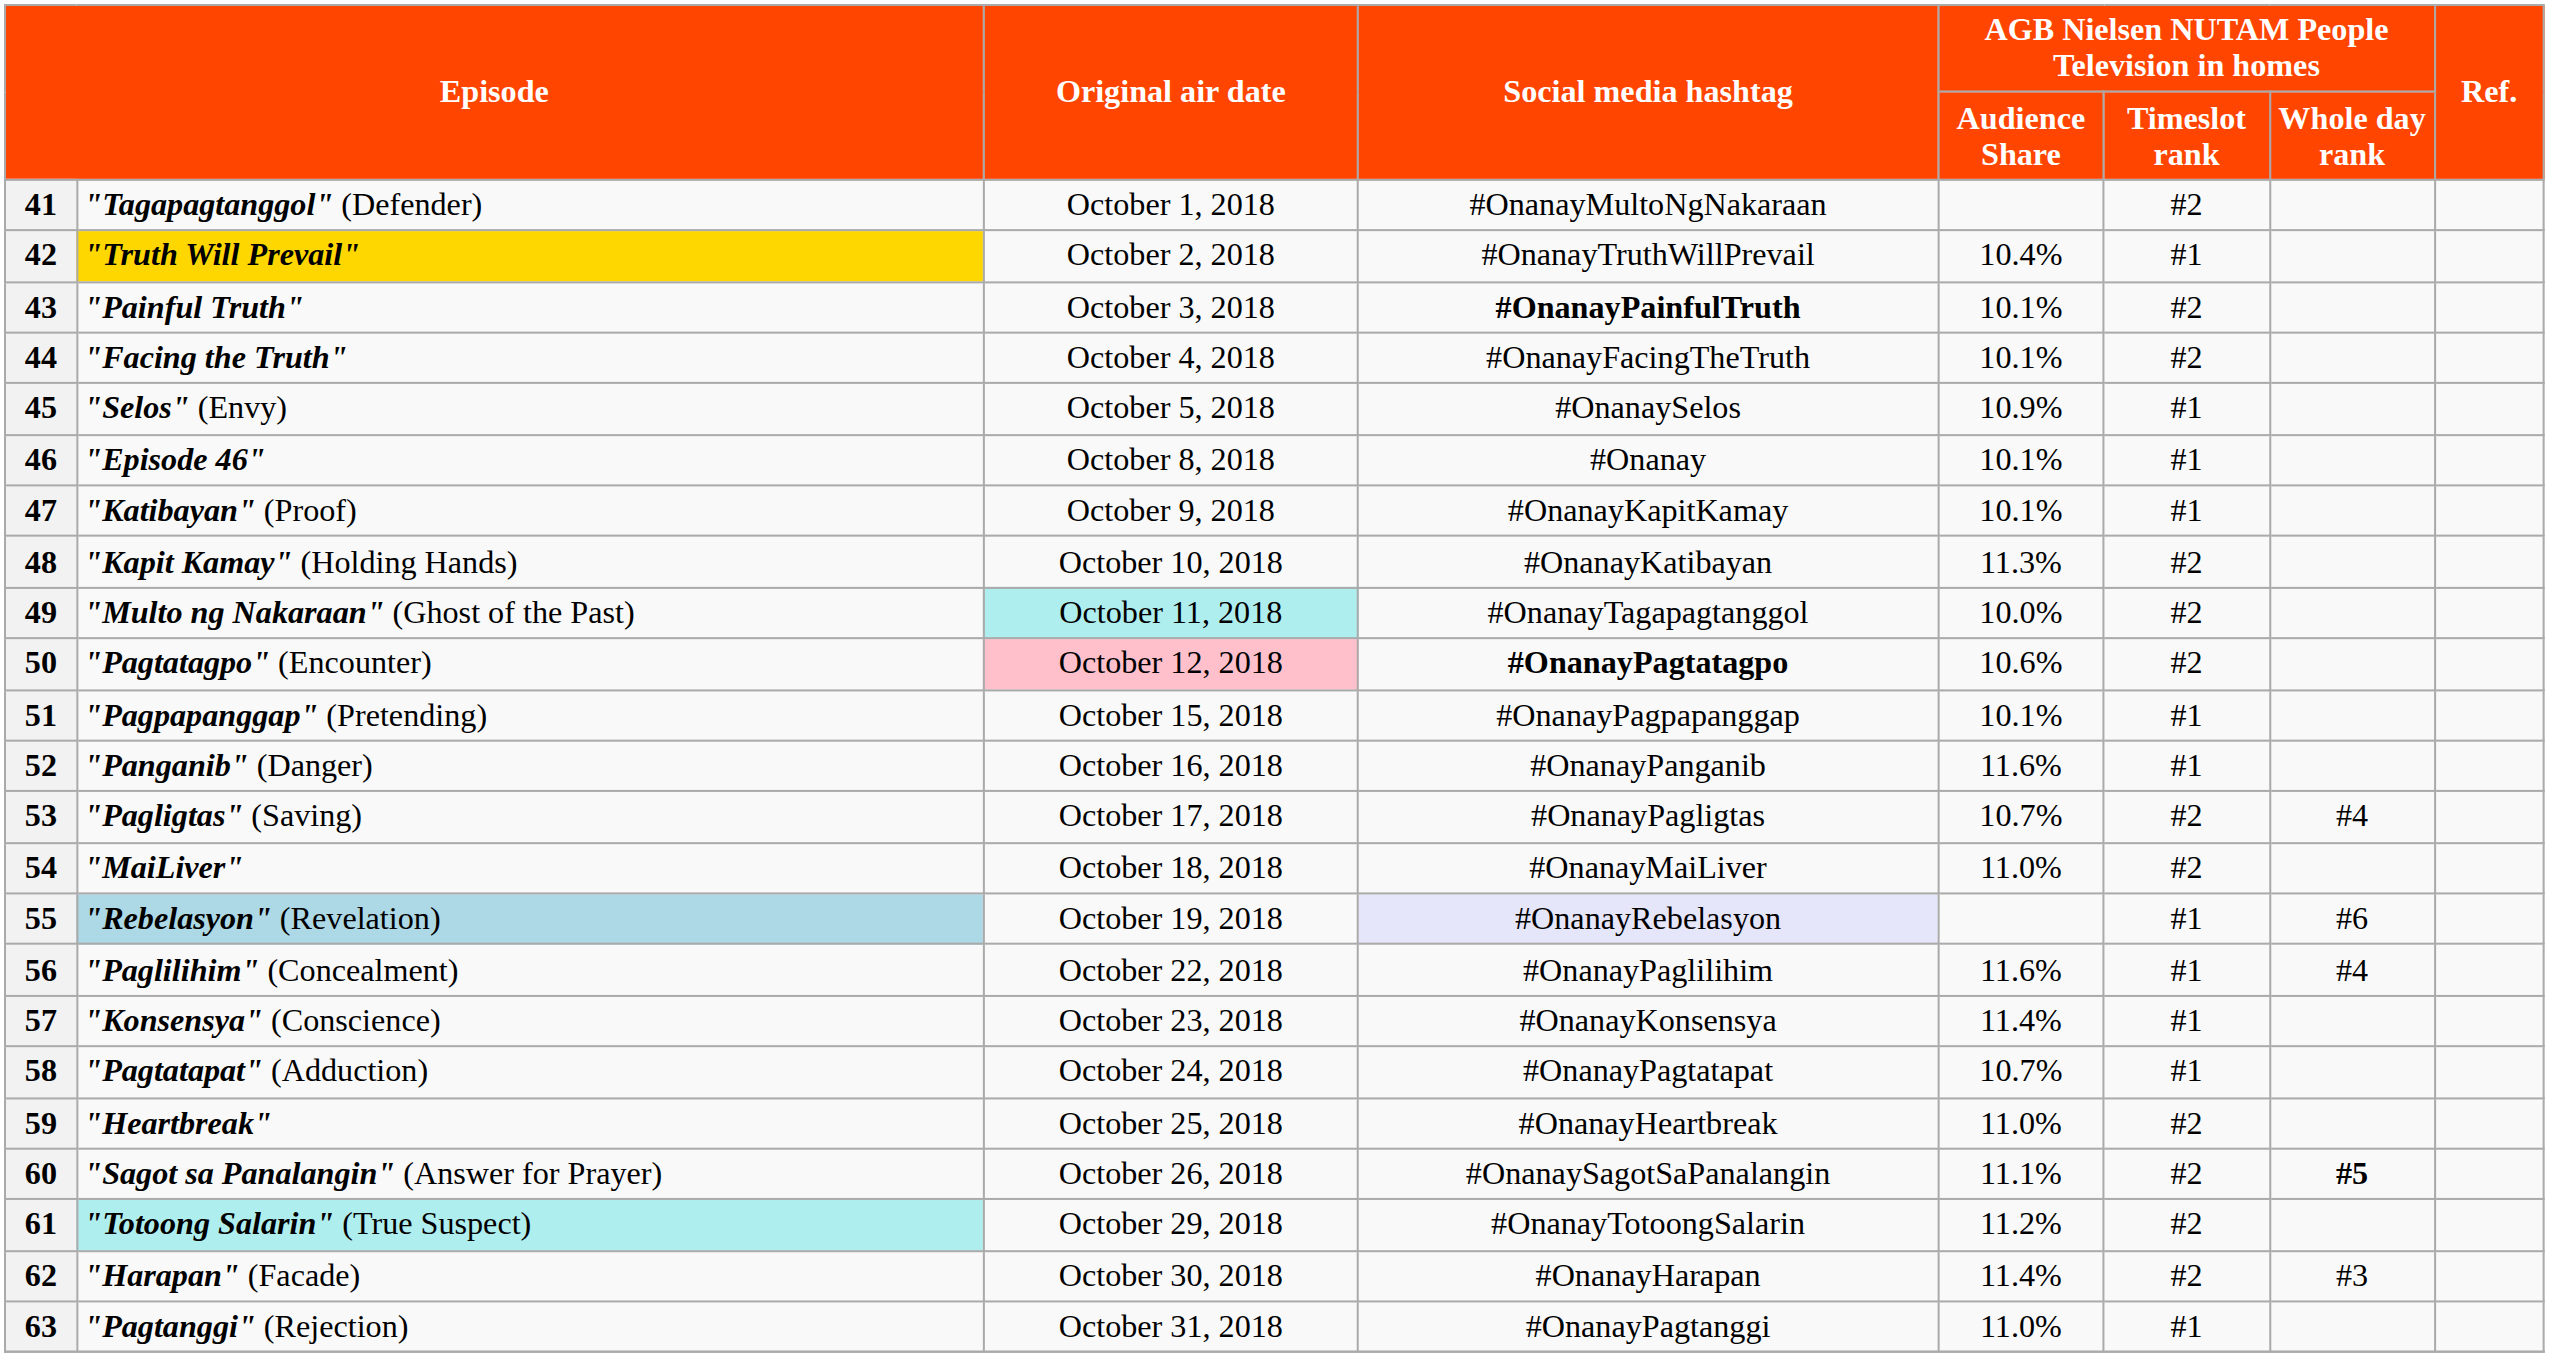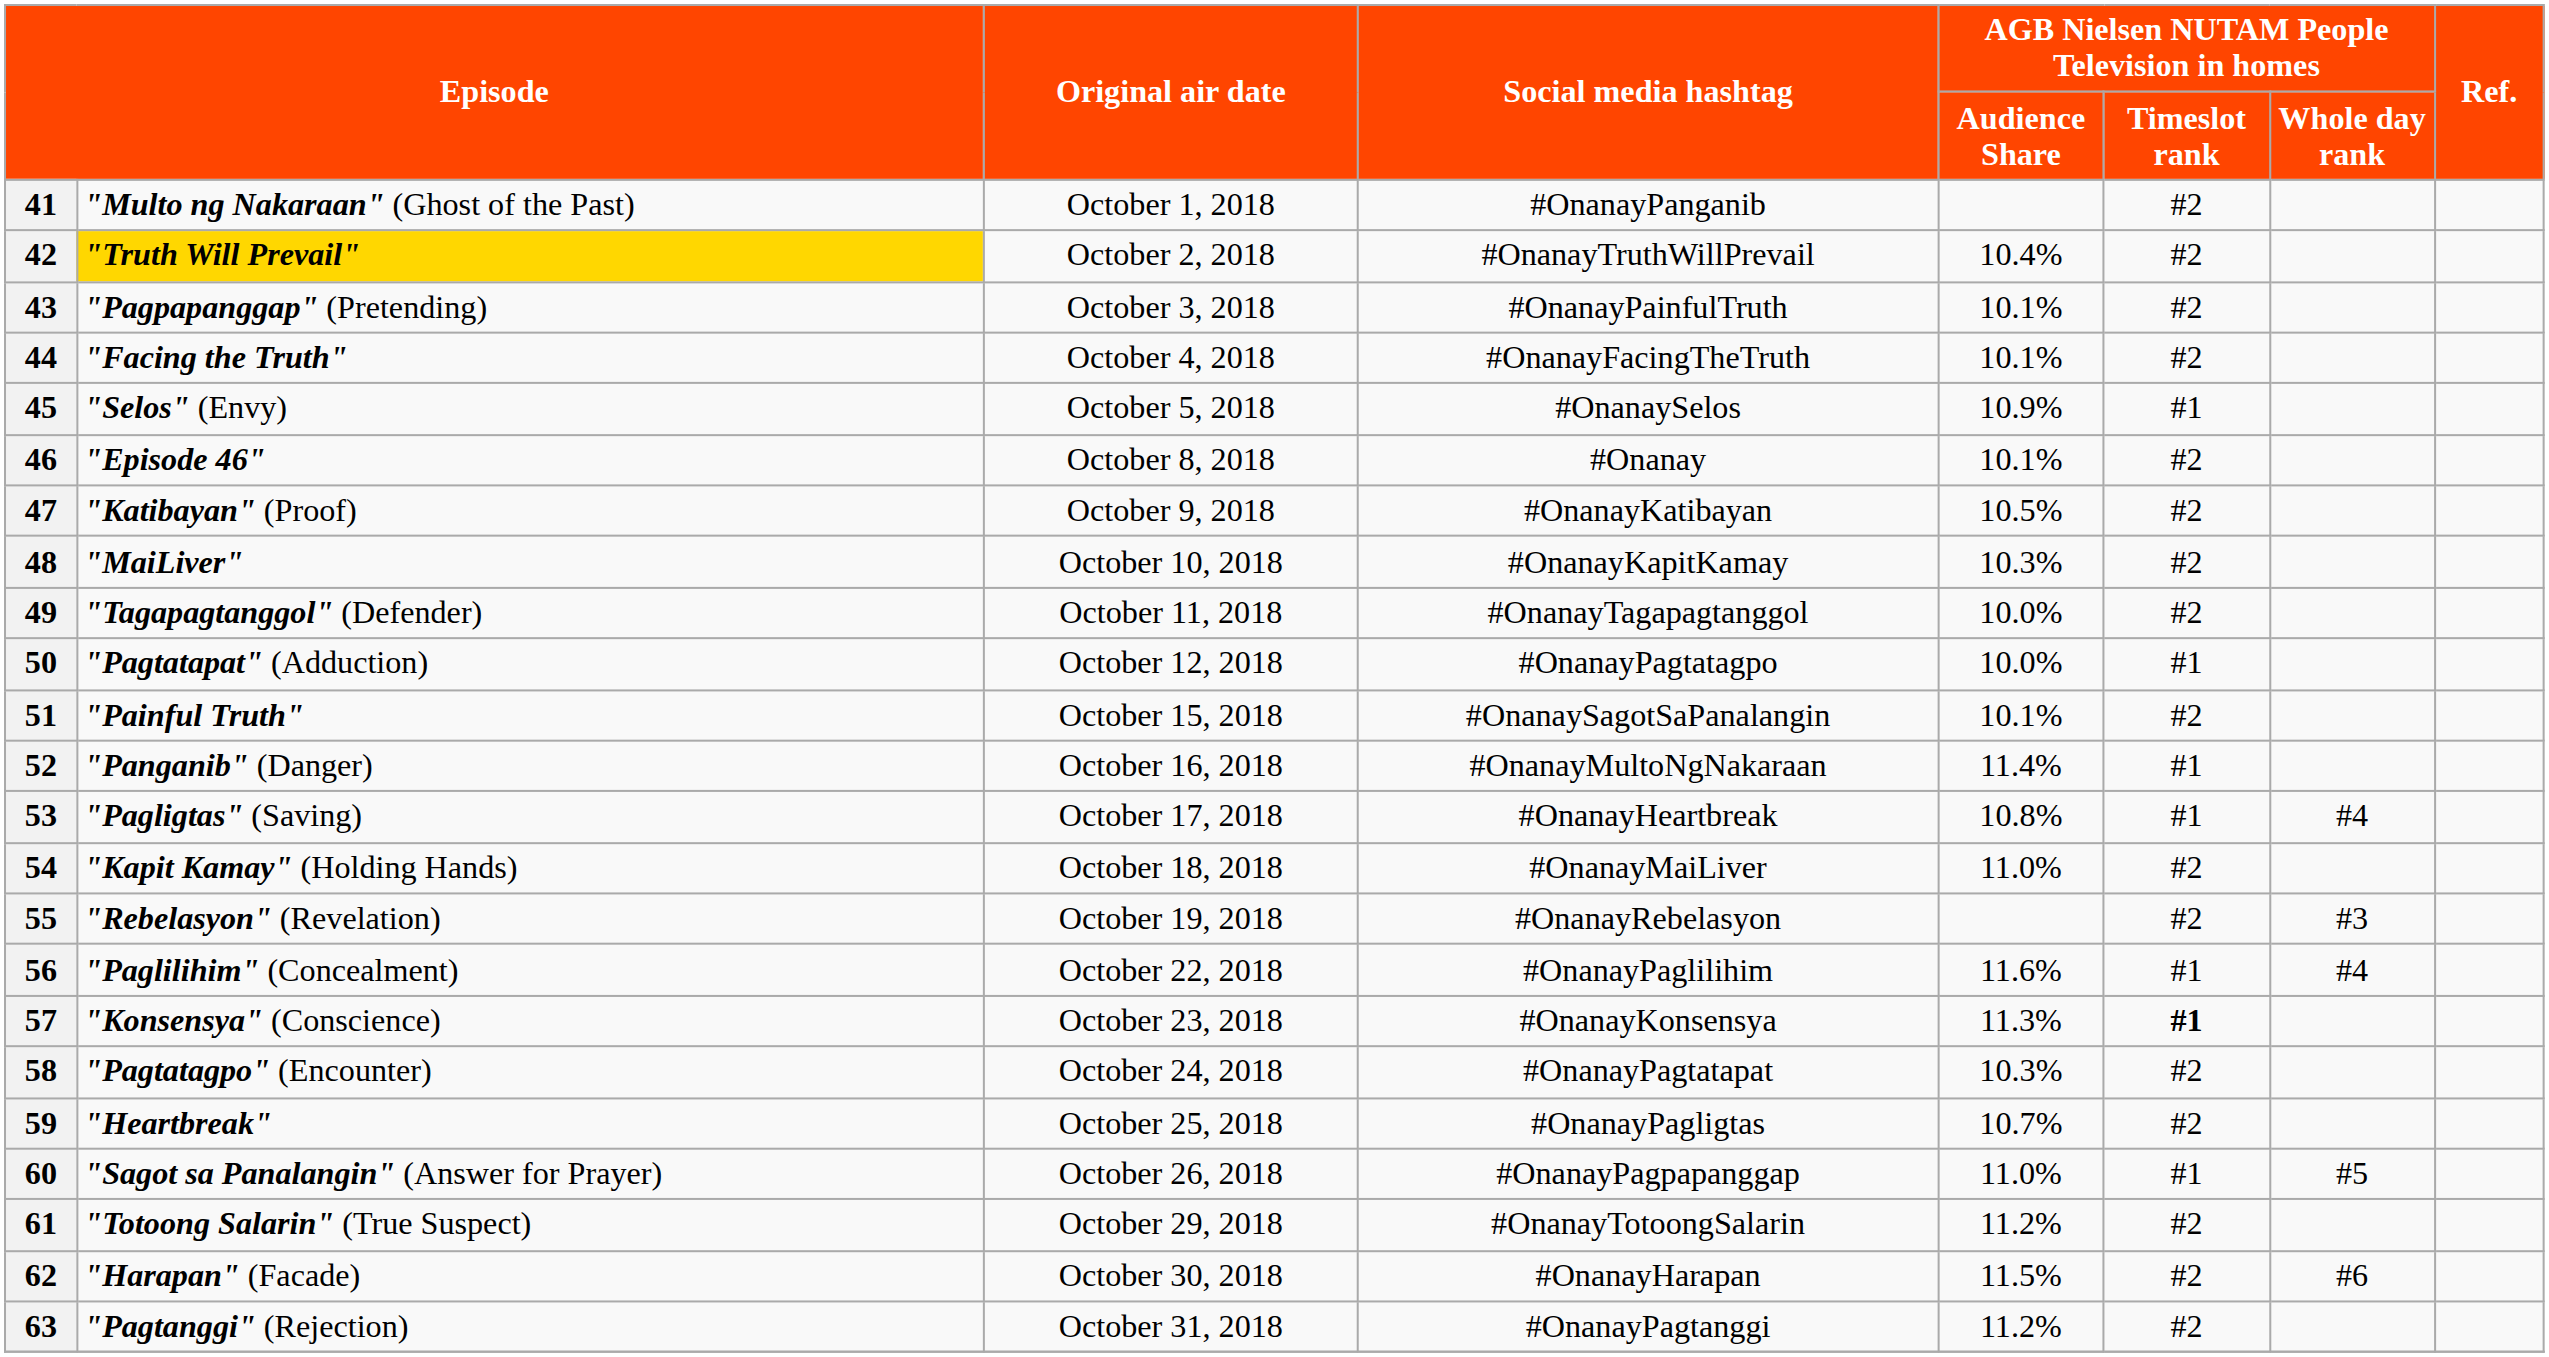 <table class="wikitable" style="text-align:center; font-size:100%; line-height:18px;" width="100%">
 <tr>
 <th style="background-color:#FF4500; color:#ffffff;" colspan="2" rowspan="2">Episode</th>
 <th style="background-color:#FF4500; color:white" rowspan="2">Original air date</th>
 <th style="background-color:#FF4500; color:white" rowspan="2">Social media hashtag</th>
 <th style="background-color:#FF4500; color:#ffffff;" colspan="3">AGB Nielsen NUTAM People Television in homes</th>
 <th style="background-color:#FF4500; color:#ffffff;" rowspan="2">Ref.</th>
 </tr>
 <tr>
 <th style="background-color:#FF4500; width:75px; color:#ffffff;">Audience Share</th>
 <th style="background-color:#FF4500; width:75px; color:#ffffff;">Timeslot<br>rank</th>
 <th style="background-color:#FF4500; width:75px; color:#ffffff;">Whole day<br>rank</th>
 </tr>
 <tr>
 <th>41</th>
-<td style="text-align: left;"><strong><em>"Tagapagtanggol"</em></strong> (Defender)</td>
+<td style="text-align: left;"><strong><em>"Multo ng Nakaraan"</em></strong> (Ghost of the Past)</td>
 <td>October 1, 2018</td>
-<td>#OnanayMultoNgNakaraan</td>
+<td>#OnanayPanganib</td>
 <td></td>
 <td>#2</td>
 <td></td>
 <td></td>
 </tr>
 <tr>
 <th>42</th>
 <td style="background: gold; text-align: left;"><strong><em>"Truth Will Prevail"</em></strong></td>
 <td>October 2, 2018</td>
 <td>#OnanayTruthWillPrevail</td>
 <td>10.4%</td>
-<td>#1</td>
+<td>#2</td>
 <td></td>
 <td></td>
 </tr>
 <tr>
 <th>43</th>
-<td style="text-align: left;"><strong><em>"Painful Truth"</em></strong></td>
+<td style="text-align: left;"><strong><em>"Pagpapanggap"</em></strong> (Pretending)</td>
 <td>October 3, 2018</td>
-<td><strong>#OnanayPainfulTruth</strong></td>
+<td>#OnanayPainfulTruth</td>
 <td>10.1%</td>
 <td>#2</td>
 <td></td>
 <td></td>
 </tr>
 <tr>
 <th>44</th>
 <td style="text-align: left;"><strong><em>"Facing the Truth"</em></strong></td>
 <td>October 4, 2018</td>
 <td>#OnanayFacingTheTruth</td>
 <td>10.1%</td>
 <td>#2</td>
 <td></td>
 <td></td>
 </tr>
 <tr>
 <th>45</th>
 <td style="text-align: left;"><strong><em>"Selos"</em></strong> (Envy)</td>
 <td>October 5, 2018</td>
 <td>#OnanaySelos</td>
 <td>10.9%</td>
 <td>#1</td>
 <td></td>
 <td></td>
 </tr>
 <tr>
 <th>46</th>
 <td style="text-align: left;"><strong><em>"Episode 46"</em></strong></td>
 <td>October 8, 2018</td>
 <td>#Onanay</td>
 <td>10.1%</td>
-<td>#1</td>
+<td>#2</td>
 <td></td>
 <td></td>
 </tr>
 <tr>
 <th>47</th>
 <td style="text-align: left;"><strong><em>"Katibayan"</em></strong> (Proof)</td>
 <td>October 9, 2018</td>
-<td>#OnanayKapitKamay</td>
-<td>10.1%</td>
-<td>#1</td>
+<td>#OnanayKatibayan</td>
+<td>10.5%</td>
+<td>#2</td>
 <td></td>
 <td></td>
 </tr>
 <tr>
 <th>48</th>
-<td style="text-align: left;"><strong><em>"Kapit Kamay"</em></strong> (Holding Hands)</td>
+<td style="text-align: left;"><strong><em>"MaiLiver"</em></strong></td>
 <td>October 10, 2018</td>
-<td>#OnanayKatibayan</td>
-<td>11.3%</td>
+<td>#OnanayKapitKamay</td>
+<td>10.3%</td>
 <td>#2</td>
 <td></td>
 <td></td>
 </tr>
 <tr>
 <th>49</th>
-<td style="text-align: left;"><strong><em>"Multo ng Nakaraan"</em></strong> (Ghost of the Past)</td>
-<td style="background: paleturquoise;">October 11, 2018</td>
+<td style="text-align: left;"><strong><em>"Tagapagtanggol"</em></strong> (Defender)</td>
+<td>October 11, 2018</td>
 <td>#OnanayTagapagtanggol</td>
 <td>10.0%</td>
 <td>#2</td>
 <td></td>
 <td></td>
 </tr>
 <tr>
 <th>50</th>
-<td style="text-align: left;"><strong><em>"Pagtatagpo"</em></strong> (Encounter)</td>
-<td style="background: pink;">October 12, 2018</td>
-<td><strong>#OnanayPagtatagpo</strong></td>
-<td>10.6%</td>
-<td>#2</td>
+<td style="text-align: left;"><strong><em>"Pagtatapat"</em></strong> (Adduction)</td>
+<td>October 12, 2018</td>
+<td>#OnanayPagtatagpo</td>
+<td>10.0%</td>
+<td>#1</td>
 <td></td>
 <td></td>
 </tr>
 <tr>
 <th>51</th>
-<td style="text-align: left;"><strong><em>"Pagpapanggap"</em></strong> (Pretending)</td>
+<td style="text-align: left;"><strong><em>"Painful Truth"</em></strong></td>
 <td>October 15, 2018</td>
-<td>#OnanayPagpapanggap</td>
+<td>#OnanaySagotSaPanalangin</td>
 <td>10.1%</td>
-<td>#1</td>
+<td>#2</td>
 <td></td>
 <td></td>
 </tr>
 <tr>
 <th>52</th>
 <td style="text-align: left;"><strong><em>"Panganib"</em></strong> (Danger)</td>
 <td>October 16, 2018</td>
-<td>#OnanayPanganib</td>
-<td>11.6%</td>
+<td>#OnanayMultoNgNakaraan</td>
+<td>11.4%</td>
 <td>#1</td>
 <td></td>
 <td></td>
 </tr>
 <tr>
 <th>53</th>
 <td style="text-align: left;"><strong><em>"Pagligtas"</em></strong> (Saving)</td>
 <td>October 17, 2018</td>
-<td>#OnanayPagligtas</td>
-<td>10.7%</td>
-<td>#2</td>
+<td>#OnanayHeartbreak</td>
+<td>10.8%</td>
+<td>#1</td>
 <td>#4</td>
 <td></td>
 </tr>
 <tr>
 <th>54</th>
-<td style="text-align: left;"><strong><em>"MaiLiver"</em></strong></td>
+<td style="text-align: left;"><strong><em>"Kapit Kamay"</em></strong> (Holding Hands)</td>
 <td>October 18, 2018</td>
 <td>#OnanayMaiLiver</td>
 <td>11.0%</td>
 <td>#2</td>
 <td></td>
 <td></td>
 </tr>
 <tr>
 <th>55</th>
-<td style="background: lightblue; text-align: left;"><strong><em>"Rebelasyon"</em></strong> (Revelation)</td>
+<td style="text-align: left;"><strong><em>"Rebelasyon"</em></strong> (Revelation)</td>
 <td>October 19, 2018</td>
-<td style="background: lavender;">#OnanayRebelasyon</td>
+<td>#OnanayRebelasyon</td>
 <td></td>
-<td>#1</td>
-<td>#6</td>
+<td>#2</td>
+<td>#3</td>
 <td></td>
 </tr>
 <tr>
 <th>56</th>
 <td style="text-align: left;"><strong><em>"Paglilihim"</em></strong> (Concealment)</td>
 <td>October 22, 2018</td>
 <td>#OnanayPaglilihim</td>
 <td>11.6%</td>
 <td>#1</td>
 <td>#4</td>
 <td></td>
 </tr>
 <tr>
 <th>57</th>
 <td style="text-align: left;"><strong><em>"Konsensya"</em></strong> (Conscience)</td>
 <td>October 23, 2018</td>
 <td>#OnanayKonsensya</td>
-<td>11.4%</td>
-<td>#1</td>
+<td>11.3%</td>
+<td><strong>#1</strong></td>
 <td></td>
 <td></td>
 </tr>
 <tr>
 <th>58</th>
-<td style="text-align: left;"><strong><em>"Pagtatapat"</em></strong> (Adduction)</td>
+<td style="text-align: left;"><strong><em>"Pagtatagpo"</em></strong> (Encounter)</td>
 <td>October 24, 2018</td>
 <td>#OnanayPagtatapat</td>
-<td>10.7%</td>
-<td>#1</td>
+<td>10.3%</td>
+<td>#2</td>
 <td></td>
 <td></td>
 </tr>
 <tr>
 <th>59</th>
 <td style="text-align: left;"><strong><em>"Heartbreak"</em></strong></td>
 <td>October 25, 2018</td>
-<td>#OnanayHeartbreak</td>
-<td>11.0%</td>
+<td>#OnanayPagligtas</td>
+<td>10.7%</td>
 <td>#2</td>
 <td></td>
 <td></td>
 </tr>
 <tr>
 <th>60</th>
 <td style="text-align: left;"><strong><em>"Sagot sa Panalangin"</em></strong> (Answer for Prayer)</td>
 <td>October 26, 2018</td>
-<td>#OnanaySagotSaPanalangin</td>
-<td>11.1%</td>
-<td>#2</td>
-<td><strong>#5</strong></td>
+<td>#OnanayPagpapanggap</td>
+<td>11.0%</td>
+<td>#1</td>
+<td>#5</td>
 <td></td>
 </tr>
 <tr>
 <th>61</th>
-<td style="background: paleturquoise; text-align: left;"><strong><em>"Totoong Salarin"</em></strong> (True Suspect)</td>
+<td style="text-align: left;"><strong><em>"Totoong Salarin"</em></strong> (True Suspect)</td>
 <td>October 29, 2018</td>
 <td>#OnanayTotoongSalarin</td>
 <td>11.2%</td>
 <td>#2</td>
 <td></td>
 <td></td>
 </tr>
 <tr>
 <th>62</th>
 <td style="text-align: left;"><strong><em>"Harapan"</em></strong> (Facade)</td>
 <td>October 30, 2018</td>
 <td>#OnanayHarapan</td>
-<td>11.4%</td>
+<td>11.5%</td>
 <td>#2</td>
-<td>#3</td>
+<td>#6</td>
 <td></td>
 </tr>
 <tr>
 <th>63</th>
 <td style="text-align: left;"><strong><em>"Pagtanggi"</em></strong> (Rejection)</td>
 <td>October 31, 2018</td>
 <td>#OnanayPagtanggi</td>
-<td>11.0%</td>
-<td>#1</td>
+<td>11.2%</td>
+<td>#2</td>
 <td></td>
 <td></td>
 </tr>
 <tr>
 </tr>
 </table>
